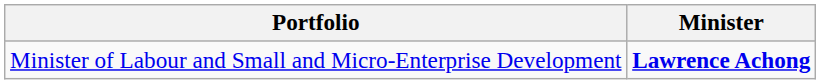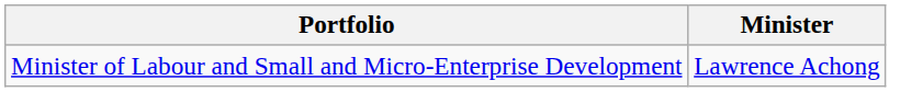 <table class="wikitable">
 <tr>
 <th>Portfolio</th>
 <th colspan=2>Minister</th>
 </tr>
 <tr>
 <td><a href='#'>Minister of Labour and Small and Micro-Enterprise Development</a></td>
-<td><strong><a href='#'>Lawrence Achong</a></strong></td>
+<td><a href='#'>Lawrence Achong</a></td>
 </tr>
 </table>
